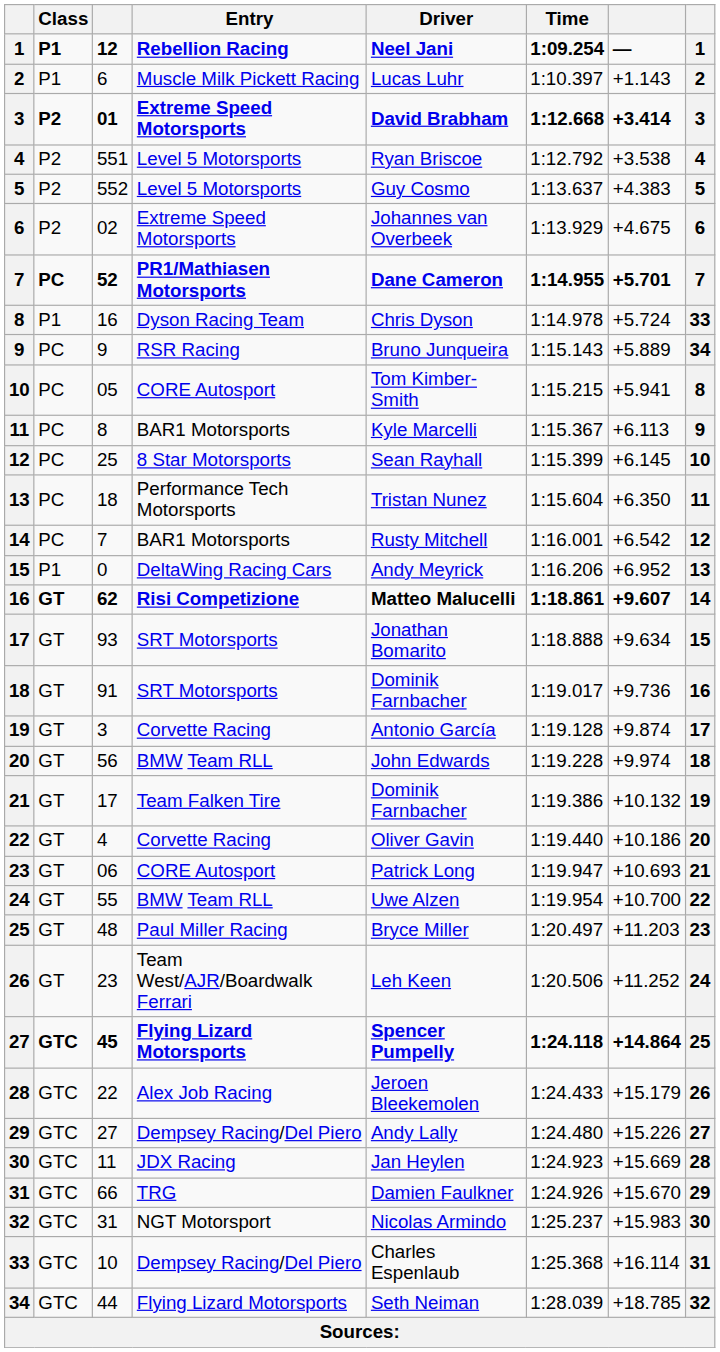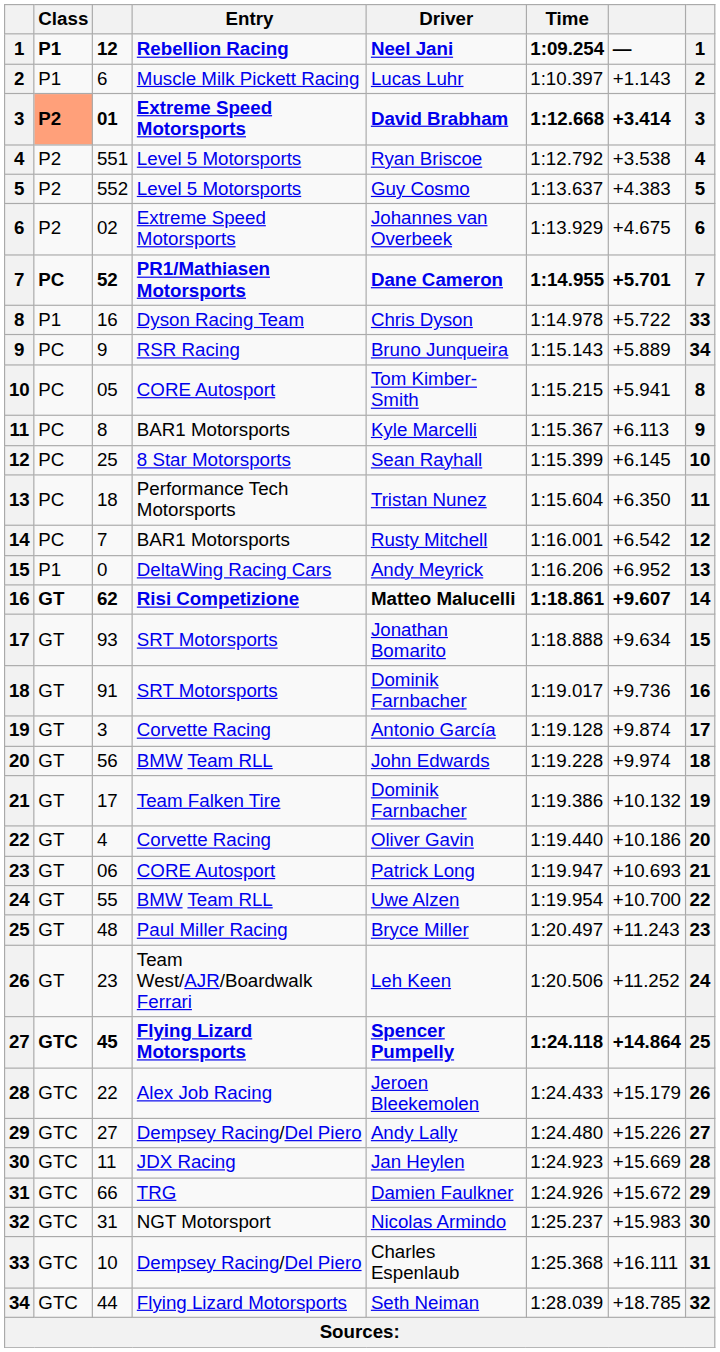 <table class="wikitable">
 <tr>
 <th></th>
 <th>Class</th>
 <th></th>
 <th>Entry</th>
 <th>Driver</th>
 <th>Time</th>
 <th></th>
 <th></th>
 </tr>
 <tr>
 <th>1</th>
 <td><strong>P1</strong></td>
 <td><strong>12</strong></td>
 <td><strong> <a href='#'>Rebellion Racing</a></strong></td>
 <td><strong> <a href='#'>Neel Jani</a></strong></td>
 <td><strong>1:09.254</strong></td>
 <td><strong>—</strong></td>
 <th>1</th>
 </tr>
 <tr>
 <th>2</th>
 <td>P1</td>
 <td>6</td>
 <td> <a href='#'>Muscle Milk Pickett Racing</a></td>
 <td> <a href='#'>Lucas Luhr</a></td>
 <td>1:10.397</td>
 <td>+1.143</td>
 <th>2</th>
 </tr>
 <tr>
 <th>3</th>
-<td><strong>P2</strong></td>
+<td style="background: lightsalmon;"><strong>P2</strong></td>
 <td><strong>01</strong></td>
 <td><strong> <a href='#'>Extreme Speed Motorsports</a></strong></td>
 <td><strong> <a href='#'>David Brabham</a></strong></td>
 <td><strong>1:12.668</strong></td>
 <td><strong>+3.414</strong></td>
 <th>3</th>
 </tr>
 <tr>
 <th>4</th>
 <td>P2</td>
 <td>551</td>
 <td> <a href='#'>Level 5 Motorsports</a></td>
 <td> <a href='#'>Ryan Briscoe</a></td>
 <td>1:12.792</td>
 <td>+3.538</td>
 <th>4</th>
 </tr>
 <tr>
 <th>5</th>
 <td>P2</td>
 <td>552</td>
 <td> <a href='#'>Level 5 Motorsports</a></td>
 <td> <a href='#'>Guy Cosmo</a></td>
 <td>1:13.637</td>
 <td>+4.383</td>
 <th>5</th>
 </tr>
 <tr>
 <th>6</th>
 <td>P2</td>
 <td>02</td>
 <td> <a href='#'>Extreme Speed Motorsports</a></td>
 <td> <a href='#'>Johannes van Overbeek</a></td>
 <td>1:13.929</td>
 <td>+4.675</td>
 <th>6</th>
 </tr>
 <tr>
 <th>7</th>
 <td><strong>PC</strong></td>
 <td><strong>52</strong></td>
 <td><strong> <a href='#'>PR1/Mathiasen Motorsports</a></strong></td>
 <td><strong> <a href='#'>Dane Cameron</a></strong></td>
 <td><strong>1:14.955</strong></td>
 <td><strong>+5.701</strong></td>
 <th>7</th>
 </tr>
 <tr>
 <th>8</th>
 <td>P1</td>
 <td>16</td>
 <td> <a href='#'>Dyson Racing Team</a></td>
 <td> <a href='#'>Chris Dyson</a></td>
 <td>1:14.978</td>
-<td>+5.724</td>
+<td>+5.722</td>
 <th>33</th>
 </tr>
 <tr>
 <th>9</th>
 <td>PC</td>
 <td>9</td>
 <td> <a href='#'>RSR Racing</a></td>
 <td> <a href='#'>Bruno Junqueira</a></td>
 <td>1:15.143</td>
 <td>+5.889</td>
 <th>34</th>
 </tr>
 <tr>
 <th>10</th>
 <td>PC</td>
 <td>05</td>
 <td> <a href='#'>CORE Autosport</a></td>
 <td> <a href='#'>Tom Kimber-Smith</a></td>
 <td>1:15.215</td>
 <td>+5.941</td>
 <th>8</th>
 </tr>
 <tr>
 <th>11</th>
 <td>PC</td>
 <td>8</td>
 <td> BAR1 Motorsports</td>
 <td> <a href='#'>Kyle Marcelli</a></td>
 <td>1:15.367</td>
 <td>+6.113</td>
 <th>9</th>
 </tr>
 <tr>
 <th>12</th>
 <td>PC</td>
 <td>25</td>
 <td> <a href='#'>8 Star Motorsports</a></td>
 <td> <a href='#'>Sean Rayhall</a></td>
 <td>1:15.399</td>
 <td>+6.145</td>
 <th>10</th>
 </tr>
 <tr>
 <th>13</th>
 <td>PC</td>
 <td>18</td>
 <td> Performance Tech Motorsports</td>
 <td> <a href='#'>Tristan Nunez</a></td>
 <td>1:15.604</td>
 <td>+6.350</td>
 <th>11</th>
 </tr>
 <tr>
 <th>14</th>
 <td>PC</td>
 <td>7</td>
 <td> BAR1 Motorsports</td>
 <td> <a href='#'>Rusty Mitchell</a></td>
 <td>1:16.001</td>
 <td>+6.542</td>
 <th>12</th>
 </tr>
 <tr>
 <th>15</th>
 <td>P1</td>
 <td>0</td>
 <td> <a href='#'>DeltaWing Racing Cars</a></td>
 <td> <a href='#'>Andy Meyrick</a></td>
 <td>1:16.206</td>
 <td>+6.952</td>
 <th>13</th>
 </tr>
 <tr>
 <th>16</th>
 <td><strong>GT</strong></td>
 <td><strong>62</strong></td>
 <td><strong> <a href='#'>Risi Competizione</a></strong></td>
 <td><strong> Matteo Malucelli</strong></td>
 <td><strong>1:18.861</strong></td>
 <td><strong>+9.607</strong></td>
 <th>14</th>
 </tr>
 <tr>
 <th>17</th>
 <td>GT</td>
 <td>93</td>
 <td> <a href='#'>SRT Motorsports</a></td>
 <td> <a href='#'>Jonathan Bomarito</a></td>
 <td>1:18.888</td>
 <td>+9.634</td>
 <th>15</th>
 </tr>
 <tr>
 <th>18</th>
 <td>GT</td>
 <td>91</td>
 <td> <a href='#'>SRT Motorsports</a></td>
 <td> <a href='#'>Dominik Farnbacher</a></td>
 <td>1:19.017</td>
 <td>+9.736</td>
 <th>16</th>
 </tr>
 <tr>
 <th>19</th>
 <td>GT</td>
 <td>3</td>
 <td> <a href='#'>Corvette Racing</a></td>
 <td> <a href='#'>Antonio García</a></td>
 <td>1:19.128</td>
 <td>+9.874</td>
 <th>17</th>
 </tr>
 <tr>
 <th>20</th>
 <td>GT</td>
 <td>56</td>
 <td> <a href='#'>BMW</a> <a href='#'>Team RLL</a></td>
 <td> <a href='#'>John Edwards</a></td>
 <td>1:19.228</td>
 <td>+9.974</td>
 <th>18</th>
 </tr>
 <tr>
 <th>21</th>
 <td>GT</td>
 <td>17</td>
 <td> <a href='#'>Team Falken Tire</a></td>
 <td> <a href='#'>Dominik Farnbacher</a></td>
 <td>1:19.386</td>
 <td>+10.132</td>
 <th>19</th>
 </tr>
 <tr>
 <th>22</th>
 <td>GT</td>
 <td>4</td>
 <td> <a href='#'>Corvette Racing</a></td>
 <td> <a href='#'>Oliver Gavin</a></td>
 <td>1:19.440</td>
 <td>+10.186</td>
 <th>20</th>
 </tr>
 <tr>
 <th>23</th>
 <td>GT</td>
 <td>06</td>
 <td> <a href='#'>CORE Autosport</a></td>
 <td> <a href='#'>Patrick Long</a></td>
 <td>1:19.947</td>
 <td>+10.693</td>
 <th>21</th>
 </tr>
 <tr>
 <th>24</th>
 <td>GT</td>
 <td>55</td>
 <td> <a href='#'>BMW</a> <a href='#'>Team RLL</a></td>
 <td> <a href='#'>Uwe Alzen</a></td>
 <td>1:19.954</td>
 <td>+10.700</td>
 <th>22</th>
 </tr>
 <tr>
 <th>25</th>
 <td>GT</td>
 <td>48</td>
 <td> <a href='#'>Paul Miller Racing</a></td>
 <td> <a href='#'>Bryce Miller</a></td>
 <td>1:20.497</td>
-<td>+11.203</td>
+<td>+11.243</td>
 <th>23</th>
 </tr>
 <tr>
 <th>26</th>
 <td>GT</td>
 <td>23</td>
 <td> Team West/<a href='#'>AJR</a>/Boardwalk <a href='#'>Ferrari</a></td>
 <td> <a href='#'>Leh Keen</a></td>
 <td>1:20.506</td>
 <td>+11.252</td>
 <th>24</th>
 </tr>
 <tr>
 <th>27</th>
 <td><strong>GTC</strong></td>
 <td><strong>45</strong></td>
 <td><strong> <a href='#'>Flying Lizard Motorsports</a></strong></td>
 <td><strong> <a href='#'>Spencer Pumpelly</a></strong></td>
 <td><strong>1:24.118</strong></td>
 <td><strong>+14.864</strong></td>
 <th>25</th>
 </tr>
 <tr>
 <th>28</th>
 <td>GTC</td>
 <td>22</td>
 <td> <a href='#'>Alex Job Racing</a></td>
 <td> <a href='#'>Jeroen Bleekemolen</a></td>
 <td>1:24.433</td>
 <td>+15.179</td>
 <th>26</th>
 </tr>
 <tr>
 <th>29</th>
 <td>GTC</td>
 <td>27</td>
 <td> <a href='#'>Dempsey Racing</a>/<a href='#'>Del Piero</a></td>
 <td> <a href='#'>Andy Lally</a></td>
 <td>1:24.480</td>
 <td>+15.226</td>
 <th>27</th>
 </tr>
 <tr>
 <th>30</th>
 <td>GTC</td>
 <td>11</td>
 <td> <a href='#'>JDX Racing</a></td>
 <td> <a href='#'>Jan Heylen</a></td>
 <td>1:24.923</td>
 <td>+15.669</td>
 <th>28</th>
 </tr>
 <tr>
 <th>31</th>
 <td>GTC</td>
 <td>66</td>
 <td> <a href='#'>TRG</a></td>
 <td> <a href='#'>Damien Faulkner</a></td>
 <td>1:24.926</td>
-<td>+15.670</td>
+<td>+15.672</td>
 <th>29</th>
 </tr>
 <tr>
 <th>32</th>
 <td>GTC</td>
 <td>31</td>
 <td> NGT Motorsport</td>
 <td> <a href='#'>Nicolas Armindo</a></td>
 <td>1:25.237</td>
 <td>+15.983</td>
 <th>30</th>
 </tr>
 <tr>
 <th>33</th>
 <td>GTC</td>
 <td>10</td>
 <td> <a href='#'>Dempsey Racing</a>/<a href='#'>Del Piero</a></td>
 <td> Charles Espenlaub</td>
 <td>1:25.368</td>
-<td>+16.114</td>
+<td>+16.111</td>
 <th>31</th>
 </tr>
 <tr>
 <th>34</th>
 <td>GTC</td>
 <td>44</td>
 <td> <a href='#'>Flying Lizard Motorsports</a></td>
 <td> <a href='#'>Seth Neiman</a></td>
 <td>1:28.039</td>
 <td>+18.785</td>
 <th>32</th>
 </tr>
 <tr>
 <th colspan="8">Sources:</th>
 </tr>
 </table>
